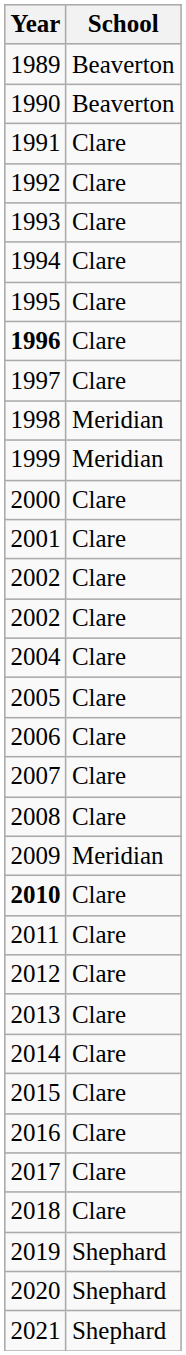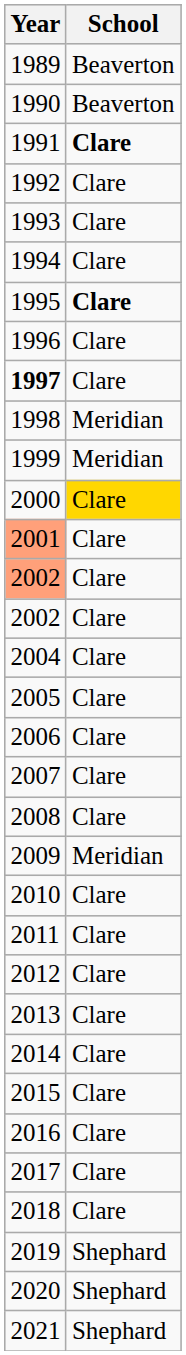 <table class="wikitable mw-collapsible mw-collapsed">
 <tr>
 <th>Year</th>
 <th>School</th>
 </tr>
 <tr>
 <td>1989</td>
 <td>Beaverton</td>
 </tr>
 <tr>
 <td>1990</td>
 <td>Beaverton</td>
 </tr>
 <tr>
 <td>1991</td>
-<td>Clare</td>
+<td><strong>Clare</strong></td>
 </tr>
 <tr>
 <td>1992</td>
 <td>Clare</td>
 </tr>
 <tr>
 <td>1993</td>
 <td>Clare</td>
 </tr>
 <tr>
 <td>1994</td>
 <td>Clare</td>
 </tr>
 <tr>
 <td>1995</td>
+<td><strong>Clare</strong></td>
+</tr>
+<tr>
+<td>1996</td>
 <td>Clare</td>
 </tr>
 <tr>
-<td><strong>1996</strong></td>
-<td>Clare</td>
-</tr>
-<tr>
-<td>1997</td>
+<td><strong>1997</strong></td>
 <td>Clare</td>
 </tr>
 <tr>
 <td>1998</td>
 <td>Meridian</td>
 </tr>
 <tr>
 <td>1999</td>
 <td>Meridian</td>
 </tr>
 <tr>
 <td>2000</td>
+<td style="background: gold;">Clare</td>
+</tr>
+<tr>
+<td style="background: lightsalmon;">2001</td>
 <td>Clare</td>
 </tr>
 <tr>
-<td>2001</td>
-<td>Clare</td>
-</tr>
-<tr>
-<td>2002</td>
+<td style="background: lightsalmon;">2002</td>
 <td>Clare</td>
 </tr>
 <tr>
 <td>2002</td>
 <td>Clare</td>
 </tr>
 <tr>
 <td>2004</td>
 <td>Clare</td>
 </tr>
 <tr>
 <td>2005</td>
 <td>Clare</td>
 </tr>
 <tr>
 <td>2006</td>
 <td>Clare</td>
 </tr>
 <tr>
 <td>2007</td>
 <td>Clare</td>
 </tr>
 <tr>
 <td>2008</td>
 <td>Clare</td>
 </tr>
 <tr>
 <td>2009</td>
 <td>Meridian</td>
 </tr>
 <tr>
-<td><strong>2010</strong></td>
+<td>2010</td>
 <td>Clare</td>
 </tr>
 <tr>
 <td>2011</td>
 <td>Clare</td>
 </tr>
 <tr>
 <td>2012</td>
 <td>Clare</td>
 </tr>
 <tr>
 <td>2013</td>
 <td>Clare</td>
 </tr>
 <tr>
 <td>2014</td>
 <td>Clare</td>
 </tr>
 <tr>
 <td>2015</td>
 <td>Clare</td>
 </tr>
 <tr>
 <td>2016</td>
 <td>Clare</td>
 </tr>
 <tr>
 <td>2017</td>
 <td>Clare</td>
 </tr>
 <tr>
 <td>2018</td>
 <td>Clare</td>
 </tr>
 <tr>
 <td>2019</td>
 <td>Shephard</td>
 </tr>
 <tr>
 <td>2020</td>
 <td>Shephard</td>
 </tr>
 <tr>
 <td>2021</td>
 <td>Shephard</td>
 </tr>
 </table>
